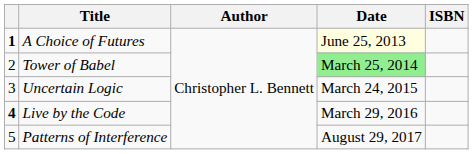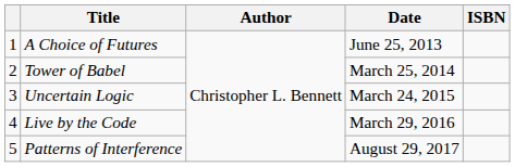 <table class="wikitable">
 <tr>
 <th></th>
 <th>Title</th>
 <th>Author</th>
 <th>Date</th>
 <th>ISBN</th>
 </tr>
 <tr>
-<td><strong>1</strong></td>
+<td>1</td>
 <td><em>A Choice of Futures</em></td>
 <td rowspan="5">Christopher L. Bennett</td>
-<td style="background: lightyellow;">June 25, 2013</td>
+<td>June 25, 2013</td>
 <td></td>
 </tr>
 <tr>
 <td>2</td>
 <td><em>Tower of Babel</em></td>
-<td style="background: lightgreen;">March 25, 2014</td>
+<td>March 25, 2014</td>
 <td></td>
 </tr>
 <tr>
 <td>3</td>
 <td><em>Uncertain Logic</em></td>
 <td>March 24, 2015</td>
 <td></td>
 </tr>
 <tr>
-<td><strong>4</strong></td>
+<td>4</td>
 <td><em>Live by the Code</em></td>
 <td>March 29, 2016</td>
 <td></td>
 </tr>
 <tr>
 <td>5</td>
 <td><em>Patterns of Interference</em></td>
 <td>August 29, 2017</td>
 <td></td>
 </tr>
 </table>
